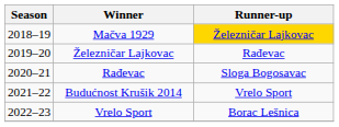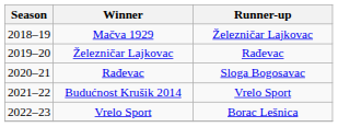 <table class="wikitable sortable" style="text-align:center">
 <tr>
 <th>Season</th>
 <th width=175>Winner</th>
 <th width=175>Runner-up</th>
 </tr>
 <tr>
 <td>2018–19 </td>
 <td><a href='#'>Mačva 1929</a></td>
-<td style="background: gold;"><a href='#'>Železničar Lajkovac</a></td>
+<td><a href='#'>Železničar Lajkovac</a></td>
 </tr>
 <tr>
 <td>2019–20 </td>
 <td><a href='#'>Železničar Lajkovac</a></td>
 <td><a href='#'>Rađevac</a></td>
 </tr>
 <tr>
 <td>2020–21 </td>
 <td><a href='#'>Rađevac</a></td>
 <td><a href='#'>Sloga Bogosavac</a></td>
 </tr>
 <tr>
 <td>2021–22 </td>
 <td><a href='#'>Budućnost Krušik 2014</a></td>
 <td><a href='#'>Vrelo Sport</a></td>
 </tr>
 <tr>
 <td>2022–23 </td>
 <td><a href='#'>Vrelo Sport</a></td>
 <td><a href='#'>Borac Lešnica</a></td>
 </tr>
 <tr>
 </tr>
 </table>
